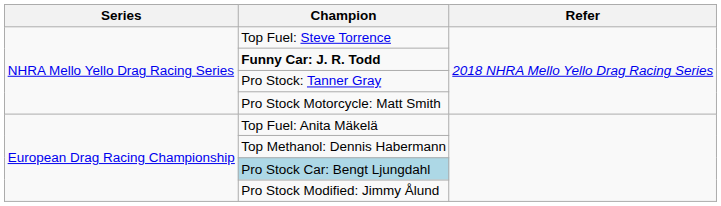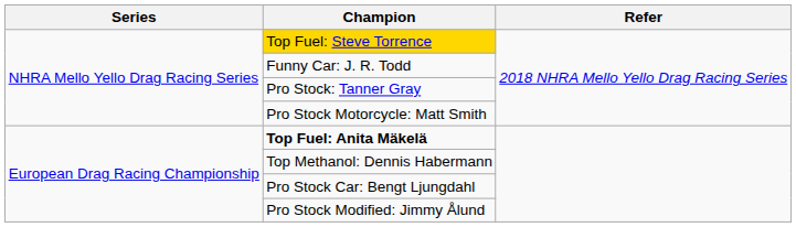 <table class="wikitable" style="font-size:87%;">
 <tr>
 <th>Series</th>
 <th>Champion</th>
 <th>Refer</th>
 </tr>
 <tr>
 <td rowspan=4><a href='#'>NHRA Mello Yello Drag Racing Series</a></td>
-<td>Top Fuel:  <a href='#'>Steve Torrence</a></td>
+<td style="background: gold;">Top Fuel:  <a href='#'>Steve Torrence</a></td>
 <td rowspan=4><em><a href='#'>2018 NHRA Mello Yello Drag Racing Series</a></em></td>
 </tr>
 <tr>
-<td><strong>Funny Car:  J. R. Todd</strong></td>
+<td>Funny Car:  J. R. Todd</td>
 </tr>
 <tr>
 <td>Pro Stock:  <a href='#'>Tanner Gray</a></td>
 </tr>
 <tr>
 <td>Pro Stock Motorcycle:  Matt Smith</td>
 </tr>
 <tr>
 <td rowspan=4><a href='#'>European Drag Racing Championship</a></td>
-<td>Top Fuel:  Anita Mäkelä</td>
+<td><strong>Top Fuel:  Anita Mäkelä</strong></td>
 <td rowspan=4></td>
 </tr>
 <tr>
 <td>Top Methanol:  Dennis Habermann</td>
 </tr>
 <tr>
-<td style="background: lightblue;">Pro Stock Car:  Bengt Ljungdahl</td>
+<td>Pro Stock Car:  Bengt Ljungdahl</td>
 </tr>
 <tr>
 <td>Pro Stock Modified:  Jimmy Ålund</td>
 </tr>
 </table>
